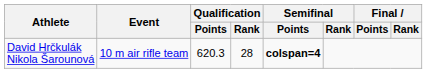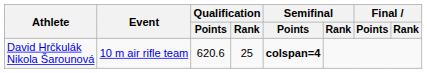 <table class="wikitable" style="text-align:center; font-size:90%">
 <tr>
 <th rowspan="2">Athlete</th>
 <th rowspan="2">Event</th>
 <th colspan=2>Qualification</th>
 <th colspan=2>Semifinal</th>
 <th colspan=2>Final / </th>
 </tr>
 <tr style="font-size:95%">
 <th>Points</th>
 <th>Rank</th>
 <th>Points</th>
 <th>Rank</th>
 <th>Points</th>
 <th>Rank</th>
 </tr>
 <tr>
 <td align=left><a href='#'>David Hrčkulák</a><br><a href='#'>Nikola Šarounová</a></td>
 <td align=left><a href='#'>10 m air rifle team</a></td>
-<td>620.3</td>
-<td>28</td>
+<td>620.6</td>
+<td>25</td>
 <td><strong>colspan=4 </strong></td>
 </tr>
 </table>
